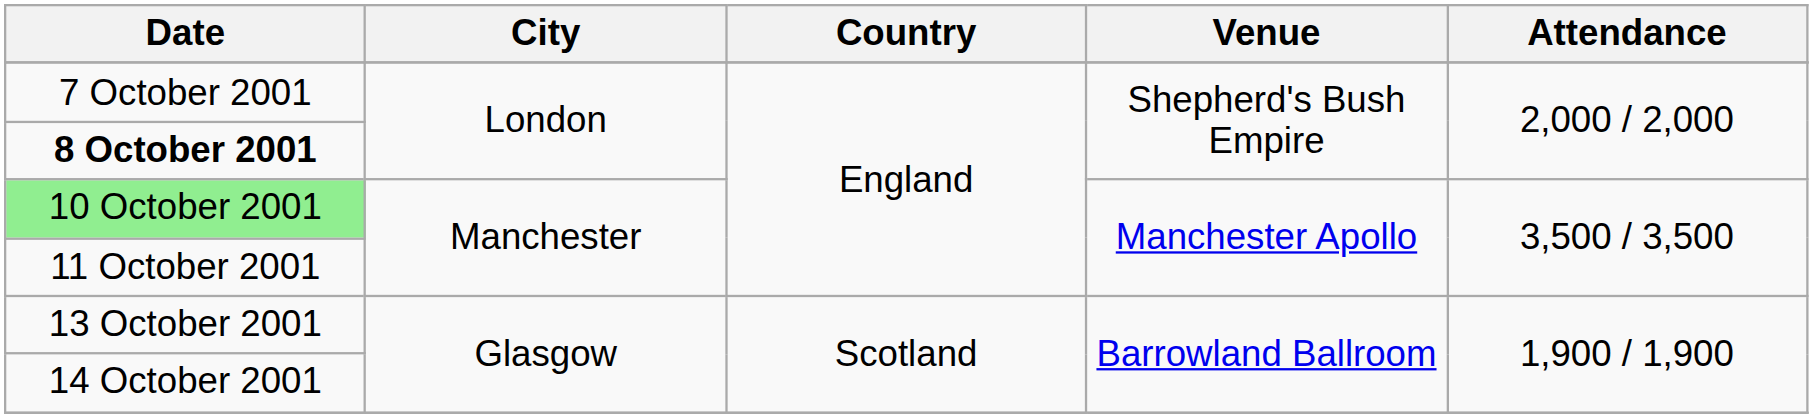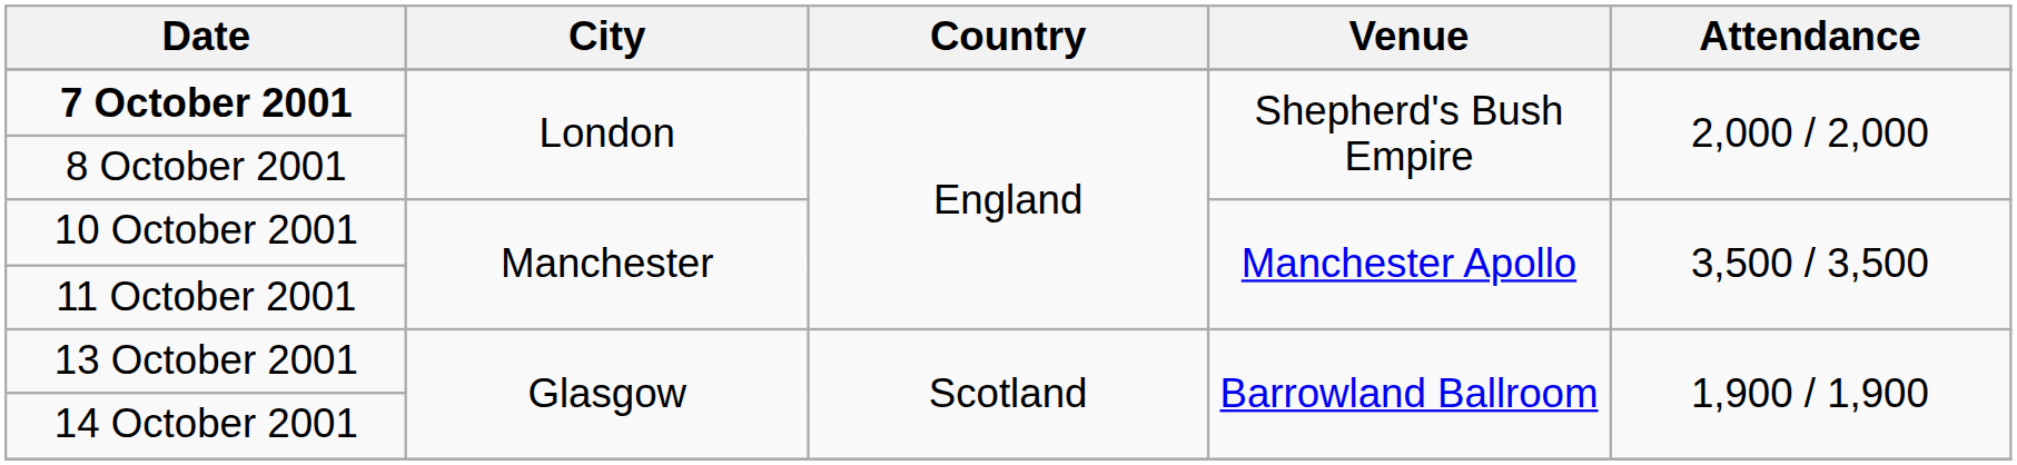 <table class="wikitable" style="text-align:center;">
 <tr>
 <th width="150">Date</th>
 <th width="150">City</th>
 <th width="150">Country</th>
 <th width="150">Venue</th>
 <th width="150">Attendance</th>
 </tr>
 <tr border="0">
 </tr>
 <tr>
-<td>7 October 2001</td>
+<td><strong>7 October 2001</strong></td>
 <td rowspan="2">London</td>
 <td rowspan="4">England</td>
 <td rowspan="2">Shepherd's Bush Empire</td>
 <td rowspan="2">2,000 / 2,000</td>
 </tr>
 <tr>
-<td><strong>8 October 2001</strong></td>
+<td>8 October 2001</td>
 </tr>
 <tr>
-<td style="background: lightgreen;">10 October 2001</td>
+<td>10 October 2001</td>
 <td rowspan="2">Manchester</td>
 <td rowspan="2"><a href='#'>Manchester Apollo</a></td>
 <td rowspan="2">3,500 / 3,500</td>
 </tr>
 <tr>
 <td>11 October 2001</td>
 </tr>
 <tr>
 <td>13 October 2001</td>
 <td rowspan="2">Glasgow</td>
 <td rowspan="2">Scotland</td>
 <td rowspan="2"><a href='#'>Barrowland Ballroom</a></td>
 <td rowspan="2">1,900 / 1,900</td>
 </tr>
 <tr>
 <td>14 October 2001</td>
 </tr>
 <tr>
 </tr>
 </table>
